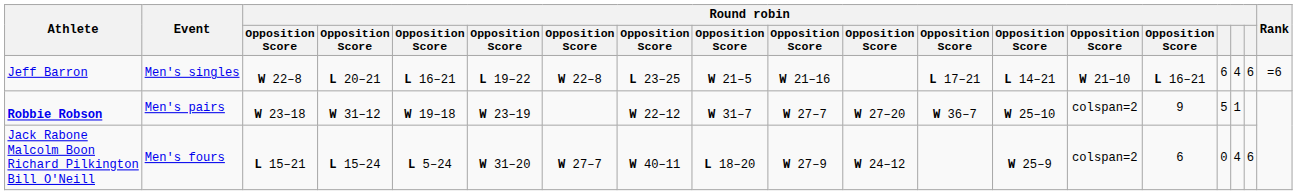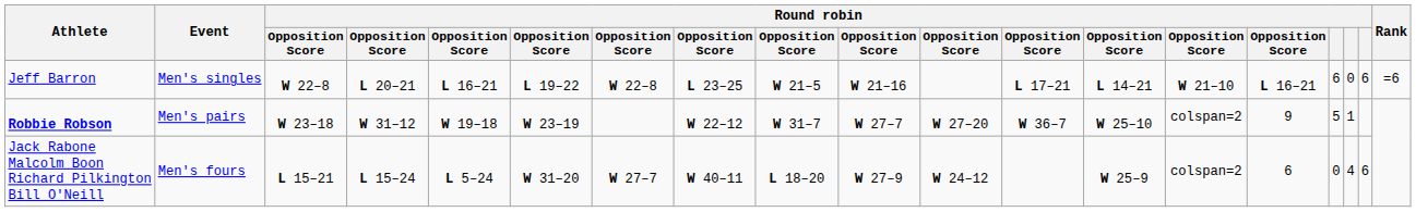 <table class=wikitable style="font-size:90%;text-align:center">
 <tr>
 <th rowspan="2">Athlete</th>
 <th rowspan="2">Event</th>
 <th colspan=16>Round robin</th>
 <th rowspan=2>Rank</th>
 </tr>
 <tr style="font-size:95%">
 <th>Opposition<br>Score</th>
 <th>Opposition<br>Score</th>
 <th>Opposition<br>Score</th>
 <th>Opposition<br>Score</th>
 <th>Opposition<br>Score</th>
 <th>Opposition<br>Score</th>
 <th>Opposition<br>Score</th>
 <th>Opposition<br>Score</th>
 <th>Opposition<br>Score</th>
 <th>Opposition<br>Score</th>
 <th>Opposition<br>Score</th>
 <th>Opposition<br>Score</th>
 <th>Opposition<br>Score</th>
 <th></th>
 <th></th>
 <th></th>
 </tr>
 <tr>
 <td style="text-align:left;"><a href='#'>Jeff Barron</a></td>
 <td style="text-align:left;"><a href='#'>Men's singles</a></td>
 <td><br><strong>W</strong> 22–8</td>
 <td><br><strong>L</strong> 20–21</td>
 <td><br><strong>L</strong> 16–21</td>
 <td><br><strong>L</strong> 19–22</td>
 <td><br><strong>W</strong> 22–8</td>
 <td><br><strong>L</strong> 23–25</td>
 <td><br><strong>W</strong> 21–5</td>
 <td><br><strong>W</strong> 21–16</td>
 <td></td>
 <td><br><strong>L</strong> 17–21</td>
 <td><br><strong>L</strong> 14–21</td>
 <td><br><strong>W</strong> 21–10</td>
 <td><br><strong>L</strong> 16–21</td>
 <td>6</td>
-<td>4</td>
+<td>0</td>
 <td>6</td>
 <td>=6</td>
 </tr>
 <tr>
 <td style="text-align:left;"><br><strong><a href='#'>Robbie Robson</a></strong></td>
 <td style="text-align:left;"><a href='#'>Men's pairs</a></td>
 <td><br><strong>W</strong> 23–18</td>
 <td><br><strong>W</strong> 31–12</td>
 <td><br><strong>W</strong> 19–18</td>
 <td><br><strong>W</strong> 23–19</td>
 <td></td>
 <td><br><strong>W</strong> 22–12</td>
 <td><br><strong>W</strong> 31–7</td>
 <td><br><strong>W</strong> 27–7</td>
 <td><br><strong>W</strong> 27–20</td>
 <td><br><strong>W</strong> 36–7</td>
 <td><br><strong>W</strong> 25–10</td>
 <td>colspan=2 </td>
 <td>9</td>
 <td>5</td>
 <td>1</td>
 <td></td>
 </tr>
 <tr>
 <td style="text-align:left;"><a href='#'>Jack Rabone</a><br><a href='#'>Malcolm Boon</a><br><a href='#'>Richard Pilkington</a><br><a href='#'>Bill O'Neill</a></td>
 <td style="text-align:left;"><a href='#'>Men's fours</a></td>
 <td><br><strong>L</strong> 15–21</td>
 <td><br><strong>L</strong> 15–24</td>
 <td><br><strong>L</strong> 5–24</td>
 <td><br><strong>W</strong> 31–20</td>
 <td><br><strong>W</strong> 27–7</td>
 <td><br><strong>W</strong> 40–11</td>
 <td><br><strong>L</strong> 18–20</td>
 <td><br><strong>W</strong> 27–9</td>
 <td><br><strong>W</strong> 24–12</td>
 <td></td>
 <td><br><strong>W</strong> 25–9</td>
 <td>colspan=2 </td>
 <td>6</td>
 <td>0</td>
 <td>4</td>
 <td>6</td>
 </tr>
 </table>
